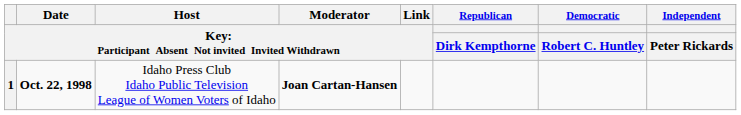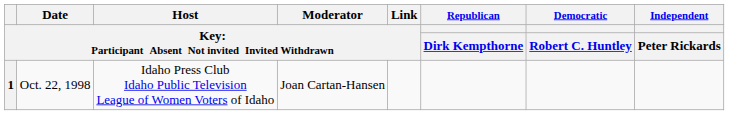 <table class="wikitable" style="text-align:center;">
 <tr>
 <th scope="col"></th>
 <th scope="col">Date</th>
 <th scope="col">Host</th>
 <th scope="col">Moderator</th>
 <th scope="col">Link</th>
 <th scope="col"><small><a href='#'>Republican</a></small></th>
 <th scope="col"><small><a href='#'>Democratic</a></small></th>
 <th scope="col"><small><a href='#'>Independent</a></small></th>
 </tr>
 <tr>
 <th colspan="5" rowspan="2">Key:<br> <small>Participant </small>  <small>Absent </small>  <small>Not invited </small>  <small>Invited  Withdrawn</small></th>
 <th scope="col" style="background:"></th>
 <th scope="col" style="background:"></th>
 <th scope="col" style="background:"></th>
 </tr>
 <tr>
 <th scope="col"><a href='#'>Dirk Kempthorne</a></th>
 <th scope="col"><a href='#'>Robert C. Huntley</a></th>
 <th scope="col">Peter Rickards</th>
 </tr>
 <tr>
 <th>1</th>
-<td style="white-space:nowrap;"><strong>Oct. 22, 1998</strong></td>
+<td style="white-space:nowrap;">Oct. 22, 1998</td>
 <td style="white-space:nowrap;">Idaho Press Club<br><a href='#'>Idaho Public Television</a><br><a href='#'>League of Women Voters</a> of Idaho</td>
-<td style="white-space:nowrap;"><strong>Joan Cartan-Hansen</strong></td>
+<td style="white-space:nowrap;">Joan Cartan-Hansen</td>
 <td style="white-space:nowrap;"></td>
 <td></td>
 <td></td>
 <td></td>
 </tr>
 </table>
